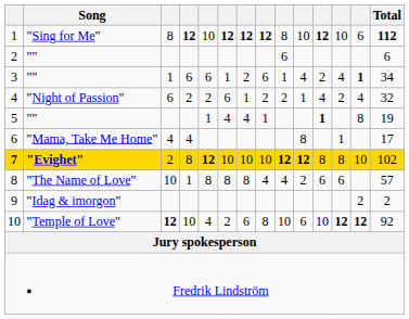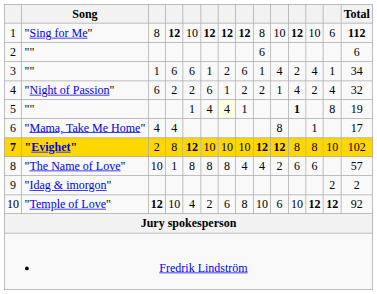 <table class="wikitable" style="margin: 1em auto 1em auto; text-align:center;">
 <tr>
 <th></th>
 <th>Song</th>
 <th></th>
 <th></th>
 <th></th>
 <th></th>
 <th></th>
 <th></th>
 <th></th>
 <th></th>
 <th></th>
 <th></th>
 <th></th>
 <th>Total</th>
 </tr>
 <tr>
 <td>1</td>
 <td align="left">"<a href='#'>Sing for Me</a>"</td>
 <td>8</td>
 <td><strong>12</strong></td>
 <td>10</td>
 <td><strong>12</strong></td>
 <td><strong>12</strong></td>
 <td><strong>12</strong></td>
 <td>8</td>
 <td>10</td>
 <td><strong>12</strong></td>
 <td>10</td>
 <td>6</td>
 <td><strong>112</strong></td>
 </tr>
 <tr>
 <td>2</td>
 <td align="left">""</td>
 <td></td>
 <td></td>
 <td></td>
 <td></td>
 <td></td>
 <td></td>
 <td>6</td>
 <td></td>
 <td></td>
 <td></td>
 <td></td>
 <td>6</td>
 </tr>
 <tr>
 <td>3</td>
 <td align="left">""</td>
 <td>1</td>
 <td>6</td>
 <td>6</td>
 <td>1</td>
 <td>2</td>
 <td>6</td>
 <td>1</td>
 <td>4</td>
 <td>2</td>
 <td>4</td>
-<td><strong>1</strong></td>
+<td>1</td>
 <td>34</td>
 </tr>
 <tr>
 <td>4</td>
 <td align="left">"<a href='#'>Night of Passion</a>"</td>
 <td>6</td>
 <td>2</td>
 <td>2</td>
 <td>6</td>
 <td>1</td>
 <td>2</td>
 <td>2</td>
 <td>1</td>
 <td>4</td>
 <td>2</td>
 <td>4</td>
 <td>32</td>
 </tr>
 <tr>
 <td>5</td>
 <td align="left">""</td>
 <td></td>
 <td></td>
 <td>1</td>
 <td>4</td>
-<td>4</td>
+<td style="background: lightyellow;">4</td>
 <td>1</td>
 <td></td>
 <td></td>
 <td><strong>1</strong></td>
 <td></td>
 <td>8</td>
 <td>19</td>
 </tr>
 <tr>
 <td>6</td>
 <td align="left">"<a href='#'>Mama, Take Me Home</a>"</td>
 <td>4</td>
 <td>4</td>
 <td></td>
 <td></td>
 <td></td>
 <td></td>
 <td></td>
 <td>8</td>
 <td></td>
 <td>1</td>
 <td></td>
 <td>17</td>
 </tr>
 <tr style="background:gold;">
 <td><strong>7</strong></td>
 <td align="left"><strong>"<a href='#'><span>Evighet</span></a>"</strong></td>
 <td>2</td>
 <td>8</td>
 <td><strong>12</strong></td>
 <td>10</td>
 <td>10</td>
 <td>10</td>
 <td><strong>12</strong></td>
 <td><strong>12</strong></td>
 <td>8</td>
 <td>8</td>
 <td>10</td>
 <td>102</td>
 </tr>
 <tr>
 <td>8</td>
 <td align="left">"<a href='#'>The Name of Love</a>"</td>
 <td>10</td>
 <td>1</td>
 <td>8</td>
 <td>8</td>
 <td>8</td>
 <td>4</td>
 <td>4</td>
 <td>2</td>
 <td>6</td>
 <td>6</td>
 <td></td>
 <td>57</td>
 </tr>
 <tr>
 <td>9</td>
 <td align="left">"<a href='#'><span>Idag & imorgon</span></a>"</td>
 <td></td>
 <td></td>
 <td></td>
 <td></td>
 <td></td>
 <td></td>
 <td></td>
 <td></td>
 <td></td>
 <td></td>
 <td>2</td>
 <td>2</td>
 </tr>
 <tr>
 <td>10</td>
 <td align="left">"<a href='#'>Temple of Love</a>"</td>
 <td><strong>12</strong></td>
 <td>10</td>
 <td>4</td>
 <td>2</td>
 <td>6</td>
 <td>8</td>
 <td>10</td>
 <td>6</td>
 <td>10</td>
 <td><strong>12</strong></td>
 <td><strong>12</strong></td>
 <td>92</td>
 </tr>
 <tr class="sortbottom">
 <th colspan="14">Jury spokesperson</th>
 </tr>
 <tr class="sortbottom">
 <td colspan="14"><br><ul><li><a href='#'>Fredrik Lindström</a></li></ul></td>
 </tr>
 </table>
